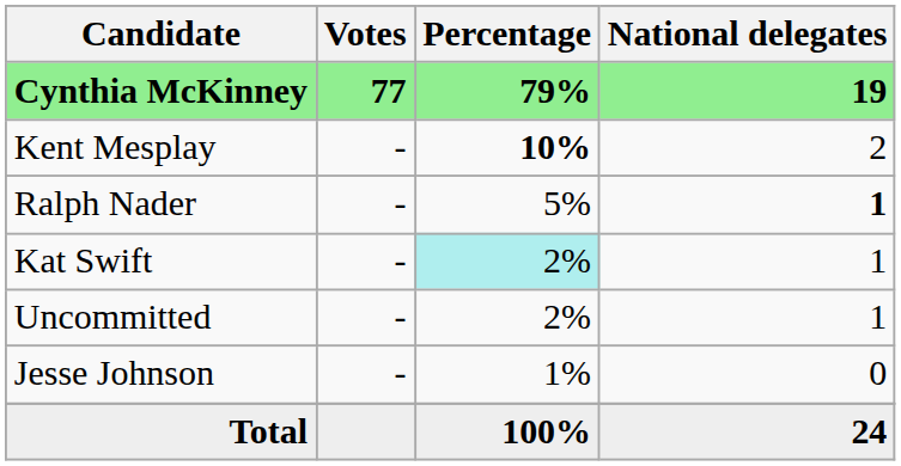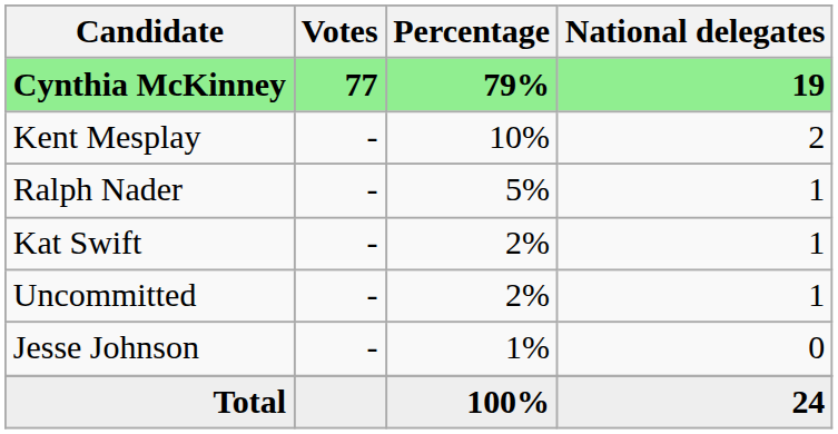 <table class="wikitable" style=" text-align:right;">
 <tr>
 <th>Candidate</th>
 <th>Votes</th>
 <th>Percentage</th>
 <th>National delegates</th>
 </tr>
 <tr style="background:lightgreen;">
 <td style="text-align:left;"><strong>Cynthia McKinney</strong></td>
 <td><strong>77</strong></td>
 <td><strong>79%</strong></td>
 <td><strong>19</strong></td>
 </tr>
 <tr>
 <td style="text-align:left;">Kent Mesplay</td>
 <td>-</td>
-<td><strong>10%</strong></td>
+<td>10%</td>
 <td>2</td>
 </tr>
 <tr>
 <td style="text-align:left;">Ralph Nader</td>
 <td>-</td>
 <td>5%</td>
-<td><strong>1</strong></td>
+<td>1</td>
 </tr>
 <tr>
 <td style="text-align:left;">Kat Swift</td>
 <td>-</td>
-<td style="background: paleturquoise;">2%</td>
+<td>2%</td>
 <td>1</td>
 </tr>
 <tr>
 <td style="text-align:left;">Uncommitted</td>
 <td>-</td>
 <td>2%</td>
 <td>1</td>
 </tr>
 <tr>
 <td style="text-align:left;">Jesse Johnson</td>
 <td>-</td>
 <td>1%</td>
 <td>0</td>
 </tr>
 <tr>
 </tr>
 <tr style="background:#eee;">
 <td style="margin-right:0.50px"><strong>Total</strong></td>
 <td style="margin-right:0.50px"></td>
 <td style="margin-right:0.50px"><strong>100%</strong></td>
 <td style="margin-right:0.50px"><strong>24</strong></td>
 </tr>
 </table>
